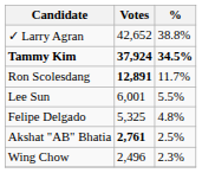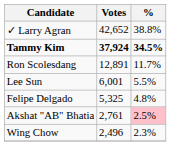 <table class="wikitable">
 <tr>
 <th>Candidate</th>
 <th>Votes</th>
 <th>%</th>
 </tr>
 <tr>
 <td>✓ Larry Agran</td>
 <td>42,652</td>
 <td>38.8%</td>
 </tr>
 <tr>
 <td><strong>Tammy Kim</strong></td>
 <td><strong>37,924</strong></td>
 <td><strong>34.5%</strong></td>
 </tr>
 <tr>
 <td>Ron Scolesdang</td>
-<td><strong>12,891</strong></td>
+<td>12,891</td>
 <td>11.7%</td>
 </tr>
 <tr>
 <td>Lee Sun</td>
 <td>6,001</td>
 <td>5.5%</td>
 </tr>
 <tr>
 <td>Felipe Delgado</td>
 <td>5,325</td>
 <td>4.8%</td>
 </tr>
 <tr>
 <td>Akshat "AB" Bhatia</td>
-<td><strong>2,761</strong></td>
-<td>2.5%</td>
+<td>2,761</td>
+<td style="background: pink;">2.5%</td>
 </tr>
 <tr>
 <td>Wing Chow</td>
 <td>2,496</td>
 <td>2.3%</td>
 </tr>
 <tr>
 </tr>
 </table>
